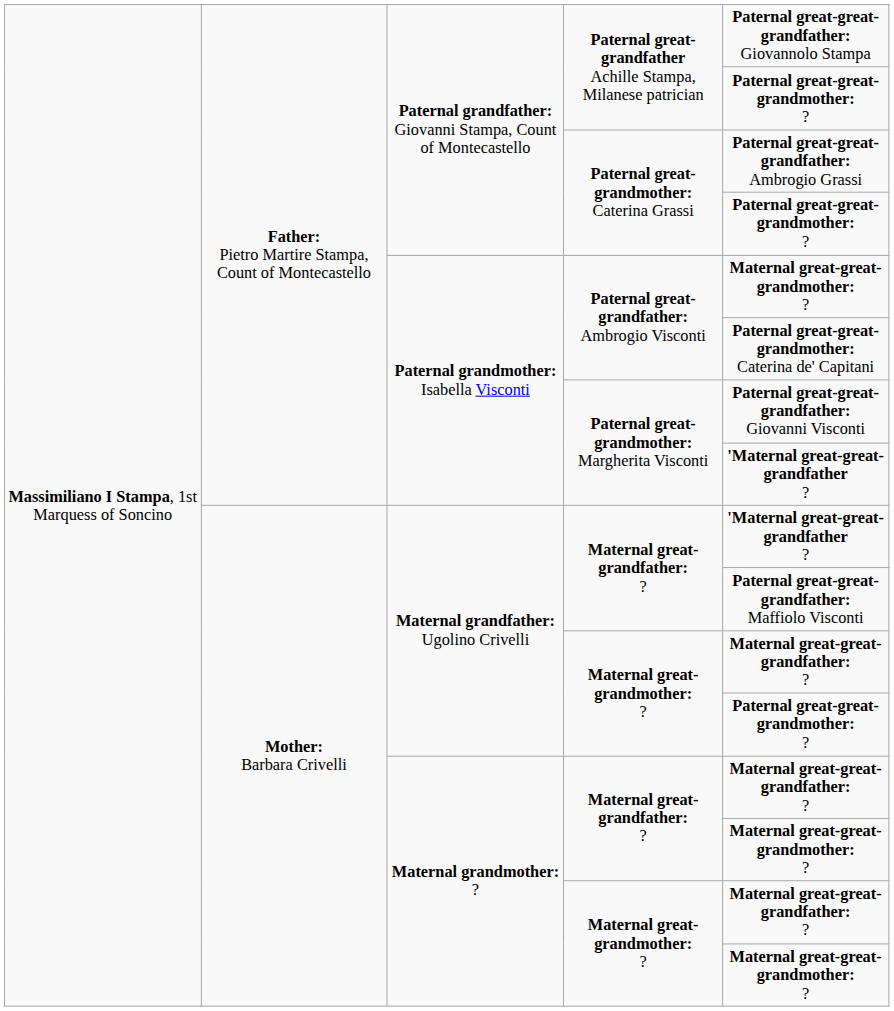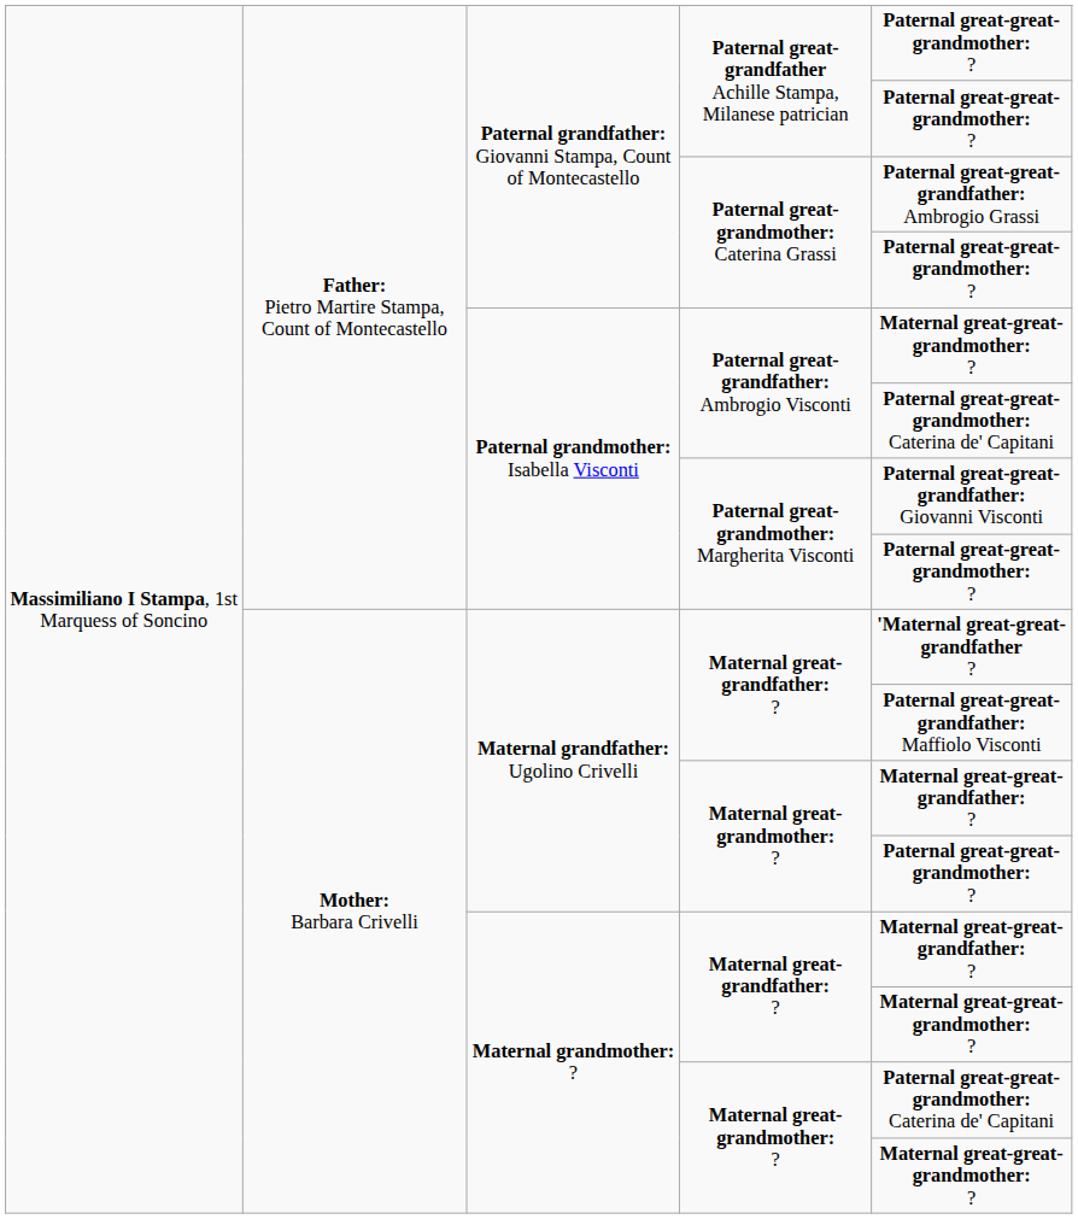 <table class="wikitable">
 <tr>
 </tr>
 <tr>
 <td rowspan="16" align="center"><strong>Massimiliano I Stampa</strong>, 1st Marquess of Soncino</td>
 <td rowspan="8" align="center"><strong>Father:</strong><br>Pietro Martire Stampa, Count of Montecastello</td>
 <td rowspan="4" align="center"><strong>Paternal grandfather:</strong><br>Giovanni Stampa, Count of Montecastello</td>
 <td rowspan="2" align="center"><strong>Paternal great-grandfather</strong><br>Achille Stampa, Milanese patrician</td>
-<td align="center"><strong>Paternal great-great-grandfather:</strong><br>Giovannolo Stampa</td>
+<td align="center"><strong>Paternal great-great-grandmother:</strong><br>?</td>
 </tr>
 <tr>
 <td align="center"><strong>Paternal great-great-grandmother:</strong><br>?</td>
 </tr>
 <tr>
 <td rowspan="2" align="center"><strong>Paternal great-grandmother:</strong><br>Caterina Grassi</td>
 <td align="center"><strong>Paternal great-great-grandfather:</strong><br>Ambrogio Grassi</td>
 </tr>
 <tr>
 <td align="center"><strong>Paternal great-great-grandmother:</strong><br>?</td>
 </tr>
 <tr>
 <td rowspan="4" align="center"><strong>Paternal grandmother:</strong><br>Isabella <a href='#'>Visconti</a></td>
 <td rowspan="2" align="center"><strong>Paternal great-grandfather:</strong><br>Ambrogio Visconti</td>
 <td align="center"><strong>Maternal great-great-grandmother:</strong><br>?</td>
 </tr>
 <tr>
 <td align="center"><strong>Paternal great-great-grandmother:</strong><br>Caterina de' Capitani</td>
 </tr>
 <tr>
 <td rowspan="2" align="center"><strong>Paternal great-grandmother:</strong><br>Margherita Visconti</td>
 <td align="center"><strong>Paternal great-great-grandfather:</strong><br>Giovanni Visconti</td>
 </tr>
 <tr>
-<td align="center"><strong>'Maternal great-great-grandfather</strong><br>?</td>
+<td align="center"><strong>Paternal great-great-grandmother:</strong><br>?</td>
 </tr>
 <tr>
 <td rowspan="8" align="center"><strong>Mother:</strong><br>Barbara Crivelli</td>
 <td rowspan="4" align="center"><strong>Maternal grandfather:</strong><br>Ugolino Crivelli</td>
 <td rowspan="2" align="center"><strong>Maternal great-grandfather:</strong><br>?</td>
 <td align="center"><strong>'Maternal great-great-grandfather</strong><br>?</td>
 </tr>
 <tr>
 <td align="center"><strong>Paternal great-great-grandfather:</strong><br>Maffiolo Visconti</td>
 </tr>
 <tr>
 <td rowspan="2" align="center"><strong>Maternal great-grandmother:</strong><br>?</td>
 <td align="center"><strong>Maternal great-great-grandfather:</strong><br>?</td>
 </tr>
 <tr>
 <td align="center"><strong>Paternal great-great-grandmother:</strong><br>?</td>
 </tr>
 <tr ?>
 <td rowspan="4" align="center"><strong>Maternal grandmother:</strong><br>?</td>
 <td rowspan="2" align="center"><strong>Maternal great-grandfather:</strong><br>?</td>
 <td align="center"><strong>Maternal great-great-grandfather:</strong><br>?</td>
 </tr>
 <tr>
 <td align="center"><strong>Maternal great-great-grandmother:</strong><br>?</td>
 </tr>
 <tr>
 <td rowspan="2" align="center"><strong>Maternal great-grandmother:</strong><br>?</td>
-<td align="center"><strong>Maternal great-great-grandfather:</strong><br>?</td>
+<td align="center"><strong>Paternal great-great-grandmother:</strong><br>Caterina de' Capitani</td>
 </tr>
 <tr>
 <td align="center"><strong>Maternal great-great-grandmother:</strong><br>?</td>
 </tr>
 </table>
